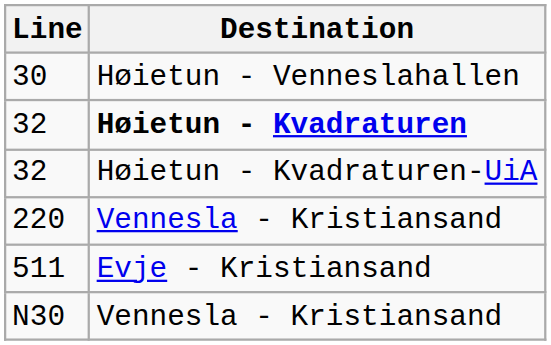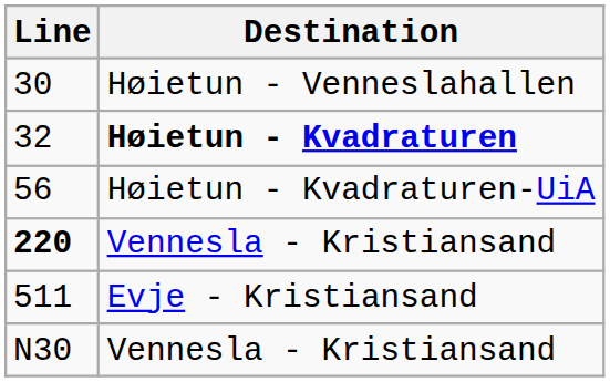 <table class="wikitable sortable">
 <tr>
 <th>Line</th>
 <th>Destination </th>
 </tr>
 <tr>
 <td>30</td>
 <td>Høietun - Venneslahallen</td>
 </tr>
 <tr>
 <td>32</td>
 <td><strong>Høietun - <a href='#'>Kvadraturen</a></strong></td>
 </tr>
 <tr>
-<td>32</td>
+<td>56</td>
 <td>Høietun - Kvadraturen-<a href='#'>UiA</a></td>
 </tr>
 <tr>
-<td>220</td>
+<td><strong>220</strong></td>
 <td><a href='#'>Vennesla</a> - Kristiansand</td>
 </tr>
 <tr>
 <td>511</td>
 <td><a href='#'>Evje</a> - Kristiansand</td>
 </tr>
 <tr>
 <td>N30</td>
 <td>Vennesla - Kristiansand</td>
 </tr>
 </table>
